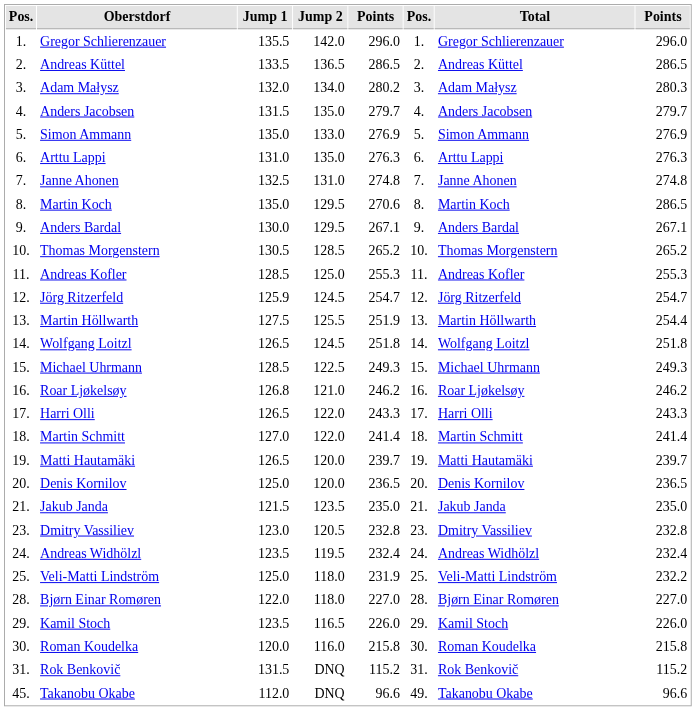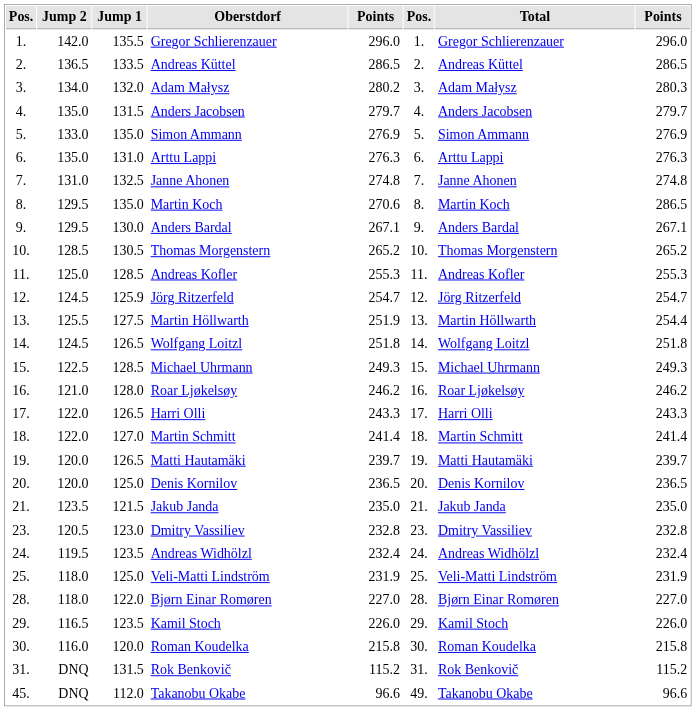 <table cellspacing="1" cellpadding="3" style="border:1px solid #AAAAAA;font-size:90%">
 <tr bgcolor="#E4E4E4">
 <th style="border-bottom:1px solid #AAAAAA" width=10>Pos.</th>
+<th style="border-bottom:1px solid #AAAAAA" width=50>Jump 2</th>
+<th style="border-bottom:1px solid #AAAAAA" width=50>Jump 1</th>
 <th style="border-bottom:1px solid #AAAAAA" width=200>Oberstdorf</th>
-<th style="border-bottom:1px solid #AAAAAA" width=50>Jump 1</th>
-<th style="border-bottom:1px solid #AAAAAA" width=50>Jump 2</th>
 <th style="border-bottom:1px solid #AAAAAA" width=50>Points</th>
 <th style="border-bottom:1px solid #AAAAAA" width=10>Pos.</th>
 <th style="border-bottom:1px solid #AAAAAA" width=200>Total</th>
 <th style="border-bottom:1px solid #AAAAAA" width=50>Points</th>
 </tr>
 <tr>
 <td align="center">1.</td>
+<td align="right">142.0</td>
+<td align="right">135.5</td>
 <td> <a href='#'>Gregor Schlierenzauer</a></td>
-<td align="right">135.5</td>
-<td align="right">142.0</td>
 <td align="right">296.0</td>
 <td align="center">1.</td>
 <td> <a href='#'>Gregor Schlierenzauer</a></td>
 <td align="right">296.0</td>
 </tr>
 <tr>
 <td align="center">2.</td>
+<td align="right">136.5</td>
+<td align="right">133.5</td>
 <td> <a href='#'>Andreas Küttel</a></td>
-<td align="right">133.5</td>
-<td align="right">136.5</td>
 <td align="right">286.5</td>
 <td align="center">2.</td>
 <td> <a href='#'>Andreas Küttel</a></td>
 <td align="right">286.5</td>
 </tr>
 <tr>
 <td align="center">3.</td>
+<td align="right">134.0</td>
+<td align="right">132.0</td>
 <td> <a href='#'>Adam Małysz</a></td>
-<td align="right">132.0</td>
-<td align="right">134.0</td>
 <td align="right">280.2</td>
 <td align="center">3.</td>
 <td> <a href='#'>Adam Małysz</a></td>
 <td align="right">280.3</td>
 </tr>
 <tr>
 <td align="center">4.</td>
+<td align="right">135.0</td>
+<td align="right">131.5</td>
 <td> <a href='#'>Anders Jacobsen</a></td>
-<td align="right">131.5</td>
-<td align="right">135.0</td>
 <td align="right">279.7</td>
 <td align="center">4.</td>
 <td> <a href='#'>Anders Jacobsen</a></td>
 <td align="right">279.7</td>
 </tr>
 <tr>
 <td align="center">5.</td>
+<td align="right">133.0</td>
+<td align="right">135.0</td>
 <td> <a href='#'>Simon Ammann</a></td>
-<td align="right">135.0</td>
-<td align="right">133.0</td>
 <td align="right">276.9</td>
 <td align="center">5.</td>
 <td> <a href='#'>Simon Ammann</a></td>
 <td align="right">276.9</td>
 </tr>
 <tr>
 <td align="center">6.</td>
+<td align="right">135.0</td>
+<td align="right">131.0</td>
 <td> <a href='#'>Arttu Lappi</a></td>
-<td align="right">131.0</td>
-<td align="right">135.0</td>
 <td align="right">276.3</td>
 <td align="center">6.</td>
 <td> <a href='#'>Arttu Lappi</a></td>
 <td align="right">276.3</td>
 </tr>
 <tr>
 <td align="center">7.</td>
+<td align="right">131.0</td>
+<td align="right">132.5</td>
 <td> <a href='#'>Janne Ahonen</a></td>
-<td align="right">132.5</td>
-<td align="right">131.0</td>
 <td align="right">274.8</td>
 <td align="center">7.</td>
 <td> <a href='#'>Janne Ahonen</a></td>
 <td align="right">274.8</td>
 </tr>
 <tr>
 <td align="center">8.</td>
+<td align="right">129.5</td>
+<td align="right">135.0</td>
 <td> <a href='#'>Martin Koch</a></td>
-<td align="right">135.0</td>
-<td align="right">129.5</td>
 <td align="right">270.6</td>
 <td align="center">8.</td>
 <td> <a href='#'>Martin Koch</a></td>
 <td align="right">286.5</td>
 </tr>
 <tr>
 <td align="center">9.</td>
+<td align="right">129.5</td>
+<td align="right">130.0</td>
 <td> <a href='#'>Anders Bardal</a></td>
-<td align="right">130.0</td>
-<td align="right">129.5</td>
 <td align="right">267.1</td>
 <td align="center">9.</td>
 <td> <a href='#'>Anders Bardal</a></td>
 <td align="right">267.1</td>
 </tr>
 <tr>
 <td align="center">10.</td>
+<td align="right">128.5</td>
+<td align="right">130.5</td>
 <td> <a href='#'>Thomas Morgenstern</a></td>
-<td align="right">130.5</td>
-<td align="right">128.5</td>
 <td align="right">265.2</td>
 <td align="center">10.</td>
 <td> <a href='#'>Thomas Morgenstern</a></td>
 <td align="right">265.2</td>
 </tr>
 <tr>
 <td align="center">11.</td>
+<td align="right">125.0</td>
+<td align="right">128.5</td>
 <td> <a href='#'>Andreas Kofler</a></td>
-<td align="right">128.5</td>
-<td align="right">125.0</td>
 <td align="right">255.3</td>
 <td align="center">11.</td>
 <td> <a href='#'>Andreas Kofler</a></td>
 <td align="right">255.3</td>
 </tr>
 <tr>
 <td align="center">12.</td>
+<td align="right">124.5</td>
+<td align="right">125.9</td>
 <td> <a href='#'>Jörg Ritzerfeld</a></td>
-<td align="right">125.9</td>
-<td align="right">124.5</td>
 <td align="right">254.7</td>
 <td align="center">12.</td>
 <td> <a href='#'>Jörg Ritzerfeld</a></td>
 <td align="right">254.7</td>
 </tr>
 <tr>
 <td align="center">13.</td>
+<td align="right">125.5</td>
+<td align="right">127.5</td>
 <td> <a href='#'>Martin Höllwarth</a></td>
-<td align="right">127.5</td>
-<td align="right">125.5</td>
 <td align="right">251.9</td>
 <td align="center">13.</td>
 <td> <a href='#'>Martin Höllwarth</a></td>
 <td align="right">254.4</td>
 </tr>
 <tr>
 <td align="center">14.</td>
+<td align="right">124.5</td>
+<td align="right">126.5</td>
 <td> <a href='#'>Wolfgang Loitzl</a></td>
-<td align="right">126.5</td>
-<td align="right">124.5</td>
 <td align="right">251.8</td>
 <td align="center">14.</td>
 <td> <a href='#'>Wolfgang Loitzl</a></td>
 <td align="right">251.8</td>
 </tr>
 <tr>
 <td align="center">15.</td>
+<td align="right">122.5</td>
+<td align="right">128.5</td>
 <td> <a href='#'>Michael Uhrmann</a></td>
-<td align="right">128.5</td>
-<td align="right">122.5</td>
 <td align="right">249.3</td>
 <td align="center">15.</td>
 <td> <a href='#'>Michael Uhrmann</a></td>
 <td align="right">249.3</td>
 </tr>
 <tr>
 <td align="center">16.</td>
+<td align="right">121.0</td>
+<td align="right">128.0</td>
 <td> <a href='#'>Roar Ljøkelsøy</a></td>
-<td align="right">126.8</td>
-<td align="right">121.0</td>
 <td align="right">246.2</td>
 <td align="center">16.</td>
 <td> <a href='#'>Roar Ljøkelsøy</a></td>
 <td align="right">246.2</td>
 </tr>
 <tr>
 <td align="center">17.</td>
+<td align="right">122.0</td>
+<td align="right">126.5</td>
 <td> <a href='#'>Harri Olli</a></td>
-<td align="right">126.5</td>
-<td align="right">122.0</td>
 <td align="right">243.3</td>
 <td align="center">17.</td>
 <td> <a href='#'>Harri Olli</a></td>
 <td align="right">243.3</td>
 </tr>
 <tr>
 <td align="center">18.</td>
+<td align="right">122.0</td>
+<td align="right">127.0</td>
 <td> <a href='#'>Martin Schmitt</a></td>
-<td align="right">127.0</td>
-<td align="right">122.0</td>
 <td align="right">241.4</td>
 <td align="center">18.</td>
 <td> <a href='#'>Martin Schmitt</a></td>
 <td align="right">241.4</td>
 </tr>
 <tr>
 <td align="center">19.</td>
+<td align="right">120.0</td>
+<td align="right">126.5</td>
 <td> <a href='#'>Matti Hautamäki</a></td>
-<td align="right">126.5</td>
-<td align="right">120.0</td>
 <td align="right">239.7</td>
 <td align="center">19.</td>
 <td> <a href='#'>Matti Hautamäki</a></td>
 <td align="right">239.7</td>
 </tr>
 <tr>
 <td align="center">20.</td>
+<td align="right">120.0</td>
+<td align="right">125.0</td>
 <td> <a href='#'>Denis Kornilov</a></td>
-<td align="right">125.0</td>
-<td align="right">120.0</td>
 <td align="right">236.5</td>
 <td align="center">20.</td>
 <td> <a href='#'>Denis Kornilov</a></td>
 <td align="right">236.5</td>
 </tr>
 <tr>
 <td align="center">21.</td>
+<td align="right">123.5</td>
+<td align="right">121.5</td>
 <td> <a href='#'>Jakub Janda</a></td>
-<td align="right">121.5</td>
-<td align="right">123.5</td>
 <td align="right">235.0</td>
 <td align="center">21.</td>
 <td> <a href='#'>Jakub Janda</a></td>
 <td align="right">235.0</td>
 </tr>
 <tr>
 <td align="center">23.</td>
+<td align="right">120.5</td>
+<td align="right">123.0</td>
 <td> <a href='#'>Dmitry Vassiliev</a></td>
-<td align="right">123.0</td>
-<td align="right">120.5</td>
 <td align="right">232.8</td>
 <td align="center">23.</td>
 <td> <a href='#'>Dmitry Vassiliev</a></td>
 <td align="right">232.8</td>
 </tr>
 <tr>
 <td align="center">24.</td>
+<td align="right">119.5</td>
+<td align="right">123.5</td>
 <td> <a href='#'>Andreas Widhölzl</a></td>
-<td align="right">123.5</td>
-<td align="right">119.5</td>
 <td align="right">232.4</td>
 <td align="center">24.</td>
 <td> <a href='#'>Andreas Widhölzl</a></td>
 <td align="right">232.4</td>
 </tr>
 <tr>
 <td align="center">25.</td>
+<td align="right">118.0</td>
+<td align="right">125.0</td>
 <td> <a href='#'>Veli-Matti Lindström</a></td>
-<td align="right">125.0</td>
-<td align="right">118.0</td>
 <td align="right">231.9</td>
 <td align="center">25.</td>
 <td> <a href='#'>Veli-Matti Lindström</a></td>
-<td align="right">232.2</td>
+<td align="right">231.9</td>
 </tr>
 <tr>
 <td align="center">28.</td>
+<td align="right">118.0</td>
+<td align="right">122.0</td>
 <td> <a href='#'>Bjørn Einar Romøren</a></td>
-<td align="right">122.0</td>
-<td align="right">118.0</td>
 <td align="right">227.0</td>
 <td align="center">28.</td>
 <td> <a href='#'>Bjørn Einar Romøren</a></td>
 <td align="right">227.0</td>
 </tr>
 <tr>
 <td align="center">29.</td>
+<td align="right">116.5</td>
+<td align="right">123.5</td>
 <td> <a href='#'>Kamil Stoch</a></td>
-<td align="right">123.5</td>
-<td align="right">116.5</td>
 <td align="right">226.0</td>
 <td align="center">29.</td>
 <td> <a href='#'>Kamil Stoch</a></td>
 <td align="right">226.0</td>
 </tr>
 <tr>
 <td align="center">30.</td>
+<td align="right">116.0</td>
+<td align="right">120.0</td>
 <td> <a href='#'>Roman Koudelka</a></td>
-<td align="right">120.0</td>
-<td align="right">116.0</td>
 <td align="right">215.8</td>
 <td align="center">30.</td>
 <td> <a href='#'>Roman Koudelka</a></td>
 <td align="right">215.8</td>
 </tr>
 <tr>
 <td align="center">31.</td>
+<td align="right">DNQ</td>
+<td align="right">131.5</td>
 <td> <a href='#'>Rok Benkovič</a></td>
-<td align="right">131.5</td>
-<td align="right">DNQ</td>
 <td align="right">115.2</td>
 <td align="center">31.</td>
 <td> <a href='#'>Rok Benkovič</a></td>
 <td align="right">115.2</td>
 </tr>
 <tr>
 <td align="center">45.</td>
+<td align="right">DNQ</td>
+<td align="right">112.0</td>
 <td> <a href='#'>Takanobu Okabe</a></td>
-<td align="right">112.0</td>
-<td align="right">DNQ</td>
 <td align="right">96.6</td>
 <td align="center">49.</td>
 <td> <a href='#'>Takanobu Okabe</a></td>
 <td align="right">96.6</td>
 </tr>
 </table>
